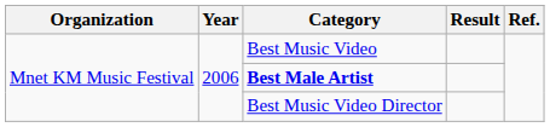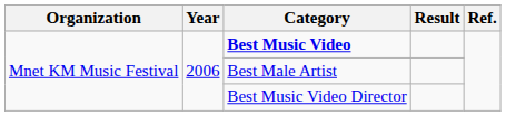 <table class="wikitable">
 <tr>
 <th>Organization</th>
 <th>Year</th>
 <th>Category</th>
 <th>Result</th>
 <th>Ref.</th>
 </tr>
 <tr>
 <td rowspan="3"><a href='#'>Mnet KM Music Festival</a></td>
 <td rowspan="3"><a href='#'>2006</a></td>
-<td><a href='#'>Best Music Video</a></td>
+<td><strong><a href='#'>Best Music Video</a></strong></td>
 <td></td>
 <td rowspan="3" style="text-align:center;"></td>
 </tr>
 <tr>
-<td><strong><a href='#'>Best Male Artist</a></strong></td>
+<td><a href='#'>Best Male Artist</a></td>
 <td></td>
 </tr>
 <tr>
 <td><a href='#'>Best Music Video Director</a></td>
 <td></td>
 </tr>
 </table>
